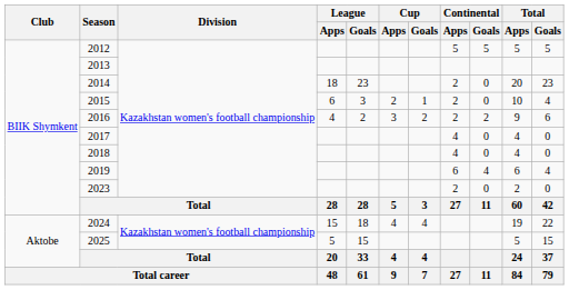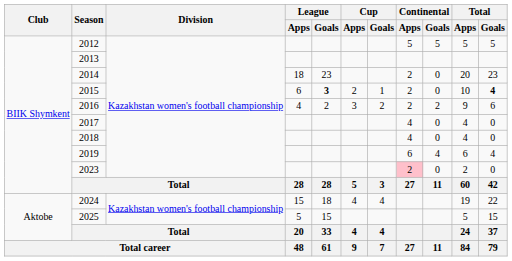 <table class="wikitable" style="text-align:center;">
 <tr>
 <th rowspan=2>Club</th>
 <th rowspan=2>Season</th>
 <th rowspan=2>Division</th>
 <th colspan=2>League</th>
 <th colspan=2>Cup</th>
 <th colspan=2>Continental</th>
 <th colspan=2>Total</th>
 </tr>
 <tr>
 <th>Apps</th>
 <th>Goals</th>
 <th>Apps</th>
 <th>Goals</th>
 <th>Apps</th>
 <th>Goals</th>
 <th>Apps</th>
 <th>Goals</th>
 </tr>
 <tr>
 <td rowspan=10><a href='#'>BIIK Shymkent</a></td>
 <td>2012</td>
 <td rowspan=9><a href='#'>Kazakhstan women's football championship</a></td>
 <td></td>
 <td></td>
 <td></td>
 <td></td>
 <td>5</td>
 <td>5</td>
 <td>5</td>
 <td>5</td>
 </tr>
 <tr>
 <td>2013</td>
 <td></td>
 <td></td>
 <td></td>
 <td></td>
 <td></td>
 <td></td>
 <td></td>
 <td></td>
 </tr>
 <tr>
 <td>2014</td>
 <td>18</td>
 <td>23</td>
 <td></td>
 <td></td>
 <td>2</td>
 <td>0</td>
 <td>20</td>
 <td>23</td>
 </tr>
 <tr>
 <td>2015</td>
 <td>6</td>
-<td>3</td>
+<td><strong>3</strong></td>
 <td>2</td>
 <td>1</td>
 <td>2</td>
 <td>0</td>
 <td>10</td>
-<td>4</td>
+<td><strong>4</strong></td>
 </tr>
 <tr>
 <td>2016</td>
 <td>4</td>
 <td>2</td>
 <td>3</td>
 <td>2</td>
 <td>2</td>
 <td>2</td>
 <td>9</td>
 <td>6</td>
 </tr>
 <tr>
 <td>2017</td>
 <td></td>
 <td></td>
 <td></td>
 <td></td>
 <td>4</td>
 <td>0</td>
 <td>4</td>
 <td>0</td>
 </tr>
 <tr>
 <td>2018</td>
 <td></td>
 <td></td>
 <td></td>
 <td></td>
 <td>4</td>
 <td>0</td>
 <td>4</td>
 <td>0</td>
 </tr>
 <tr>
 <td>2019</td>
 <td></td>
 <td></td>
 <td></td>
 <td></td>
 <td>6</td>
 <td>4</td>
 <td>6</td>
 <td>4</td>
 </tr>
 <tr>
 <td>2023</td>
 <td></td>
 <td></td>
 <td></td>
 <td></td>
-<td>2</td>
+<td style="background: pink;">2</td>
 <td>0</td>
 <td>2</td>
 <td>0</td>
 </tr>
 <tr>
 <th colspan=2>Total</th>
 <th>28</th>
 <th>28</th>
 <th>5</th>
 <th>3</th>
 <th>27</th>
 <th>11</th>
 <th>60</th>
 <th>42</th>
 </tr>
 <tr>
 <td rowspan=3>Aktobe</td>
 <td>2024</td>
 <td rowspan=2><a href='#'>Kazakhstan women's football championship</a></td>
 <td>15</td>
 <td>18</td>
 <td>4</td>
 <td>4</td>
 <td></td>
 <td></td>
 <td>19</td>
 <td>22</td>
 </tr>
 <tr>
 <td>2025</td>
 <td>5</td>
 <td>15</td>
 <td></td>
 <td></td>
 <td></td>
 <td></td>
 <td>5</td>
 <td>15</td>
 </tr>
 <tr>
 <th colspan=2>Total</th>
 <th>20</th>
 <th>33</th>
 <th>4</th>
 <th>4</th>
 <th></th>
 <th></th>
 <th>24</th>
 <th>37</th>
 </tr>
 <tr>
 <th colspan=3>Total career</th>
 <th>48</th>
 <th>61</th>
 <th>9</th>
 <th>7</th>
 <th>27</th>
 <th>11</th>
 <th>84</th>
 <th>79</th>
 </tr>
 </table>
